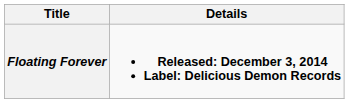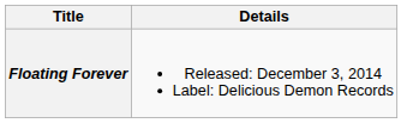 <table class="wikitable plainrowheaders" style="text-align:center;">
 <tr>
 <th scope="col">Title</th>
 <th scope="col">Details</th>
 </tr>
 <tr>
 <th scope="row"><em>Floating Forever</em></th>
-<td><strong><br><ul><li>Released: December 3, 2014</li><li>Label: Delicious Demon Records</li></ul></strong></td>
+<td><br><ul><li>Released: December 3, 2014</li><li>Label: Delicious Demon Records</li></ul></td>
 </tr>
 </table>
